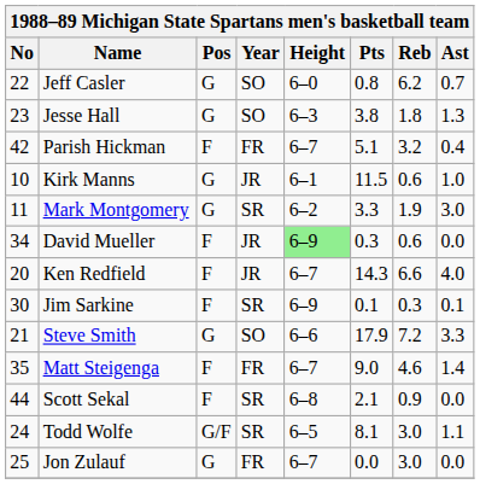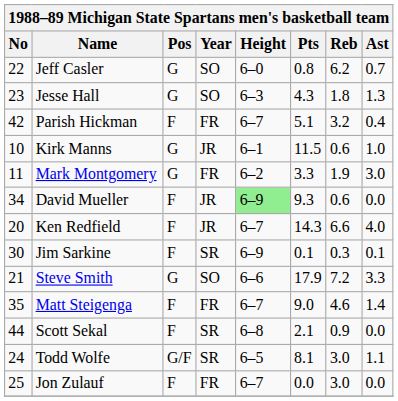 <table class="wikitable sortable" style="font-size: 90%" |->
 <tr>
 <th colspan=9 style=>1988–89 Michigan State Spartans men's basketball team</th>
 </tr>
 <tr>
 <th style="background:#">No</th>
 <th style="background:#">Name</th>
 <th style="background:#">Pos</th>
 <th style="background:#">Year</th>
 <th style="background:#">Height</th>
 <th style="background:#">Pts</th>
 <th style="background:#">Reb</th>
 <th style="background:#">Ast</th>
 </tr>
 <tr>
 <td>22</td>
 <td>Jeff Casler</td>
 <td>G</td>
 <td>SO</td>
 <td>6–0</td>
 <td>0.8</td>
 <td>6.2</td>
 <td>0.7</td>
 </tr>
 <tr>
 <td>23</td>
 <td>Jesse Hall</td>
 <td>G</td>
 <td>SO</td>
 <td>6–3</td>
-<td>3.8</td>
+<td>4.3</td>
 <td>1.8</td>
 <td>1.3</td>
 </tr>
 <tr>
 <td>42</td>
 <td>Parish Hickman</td>
 <td>F</td>
 <td>FR</td>
 <td>6–7</td>
 <td>5.1</td>
 <td>3.2</td>
 <td>0.4</td>
 </tr>
 <tr>
 <td>10</td>
 <td>Kirk Manns</td>
 <td>G</td>
 <td>JR</td>
 <td>6–1</td>
 <td>11.5</td>
 <td>0.6</td>
 <td>1.0</td>
 </tr>
 <tr>
 <td>11</td>
 <td><a href='#'>Mark Montgomery</a></td>
 <td>G</td>
-<td>SR</td>
+<td>FR</td>
 <td>6–2</td>
 <td>3.3</td>
 <td>1.9</td>
 <td>3.0</td>
 </tr>
 <tr>
 <td>34</td>
 <td>David Mueller</td>
 <td>F</td>
 <td>JR</td>
 <td style="background: lightgreen;">6–9</td>
-<td>0.3</td>
+<td>9.3</td>
 <td>0.6</td>
 <td>0.0</td>
 </tr>
 <tr>
 <td>20</td>
 <td>Ken Redfield</td>
 <td>F</td>
 <td>JR</td>
 <td>6–7</td>
 <td>14.3</td>
 <td>6.6</td>
 <td>4.0</td>
 </tr>
 <tr>
 <td>30</td>
 <td>Jim Sarkine</td>
 <td>F</td>
 <td>SR</td>
 <td>6–9</td>
 <td>0.1</td>
 <td>0.3</td>
 <td>0.1</td>
 </tr>
 <tr>
 <td>21</td>
 <td><a href='#'>Steve Smith</a></td>
 <td>G</td>
 <td>SO</td>
 <td>6–6</td>
 <td>17.9</td>
 <td>7.2</td>
 <td>3.3</td>
 </tr>
 <tr>
 <td>35</td>
 <td><a href='#'>Matt Steigenga</a></td>
 <td>F</td>
 <td>FR</td>
 <td>6–7</td>
 <td>9.0</td>
 <td>4.6</td>
 <td>1.4</td>
 </tr>
 <tr>
 <td>44</td>
 <td>Scott Sekal</td>
 <td>F</td>
 <td>SR</td>
 <td>6–8</td>
 <td>2.1</td>
 <td>0.9</td>
 <td>0.0</td>
 </tr>
 <tr>
 <td>24</td>
 <td>Todd Wolfe</td>
 <td>G/F</td>
 <td>SR</td>
 <td>6–5</td>
 <td>8.1</td>
 <td>3.0</td>
 <td>1.1</td>
 </tr>
 <tr>
 <td>25</td>
 <td>Jon Zulauf</td>
-<td>G</td>
+<td>F</td>
 <td>FR</td>
 <td>6–7</td>
 <td>0.0</td>
 <td>3.0</td>
 <td>0.0</td>
 </tr>
 <tr>
 </tr>
 </table>
